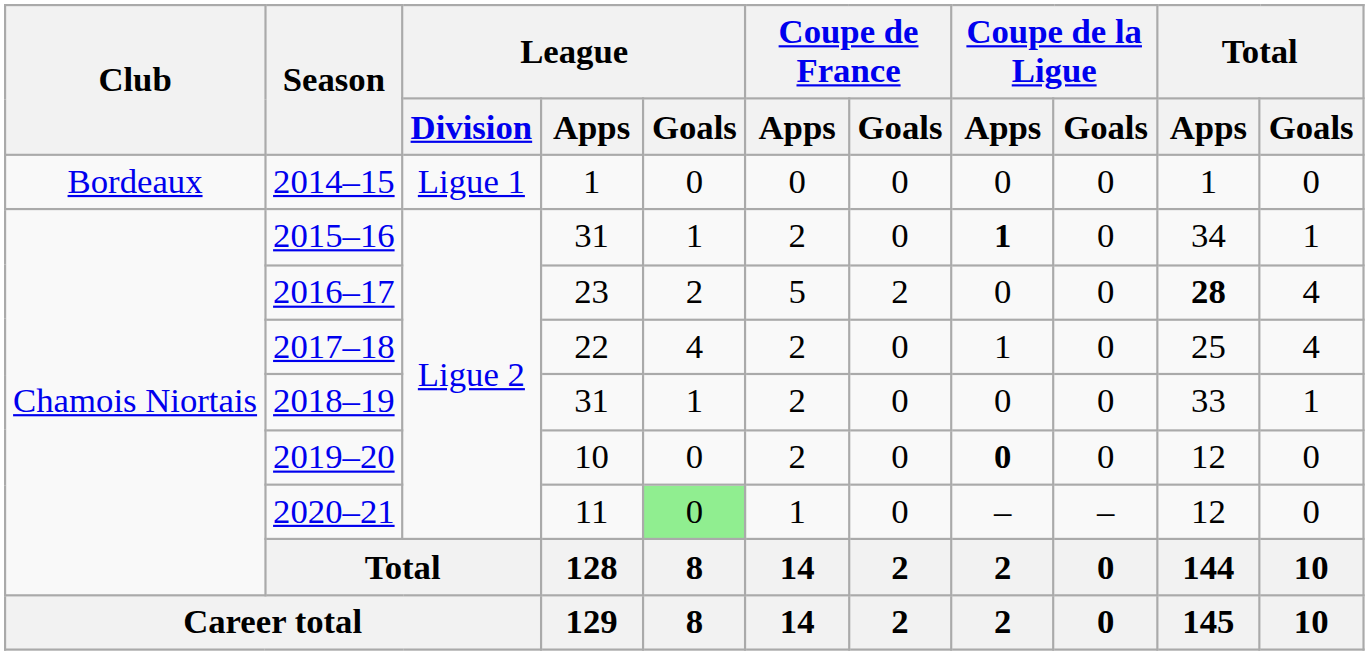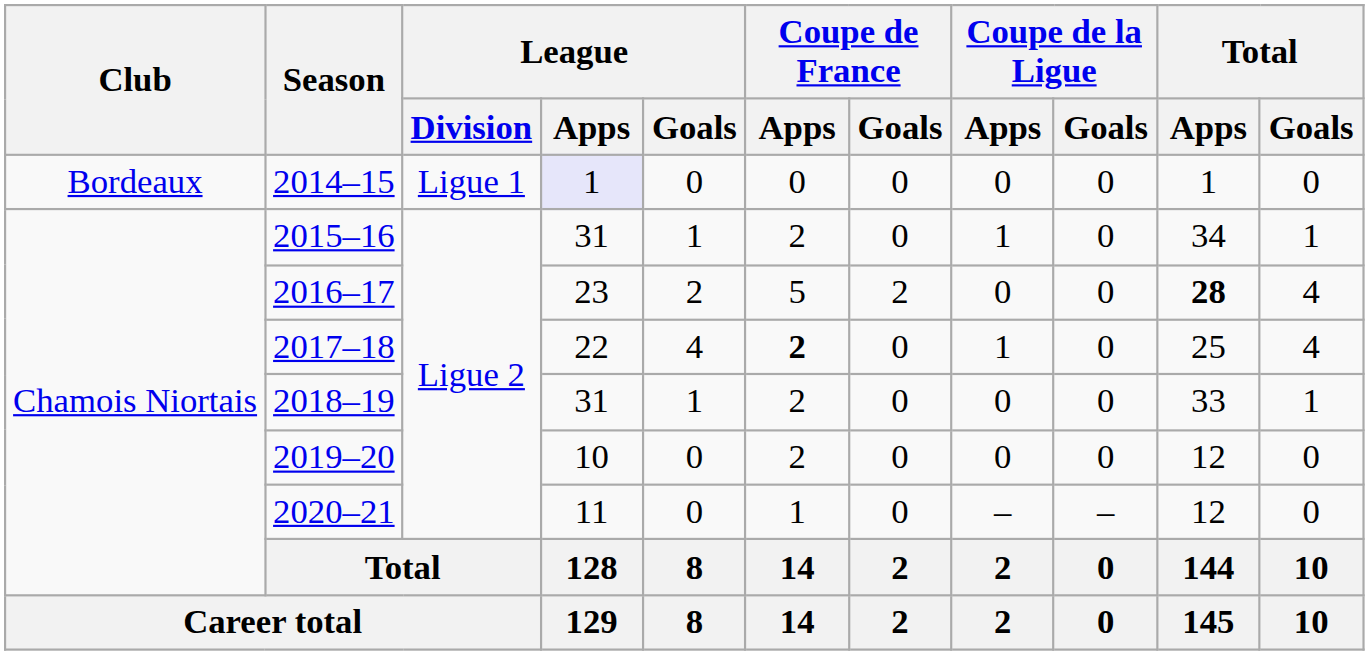 <table class="wikitable" style="text-align:center">
 <tr>
 <th rowspan="2">Club</th>
 <th rowspan="2">Season</th>
 <th colspan="3">League</th>
 <th colspan="2"><a href='#'>Coupe de France</a></th>
 <th colspan="2"><a href='#'>Coupe de la Ligue</a></th>
 <th colspan="2">Total</th>
 </tr>
 <tr>
 <th><a href='#'>Division</a></th>
 <th width="40">Apps</th>
 <th width="40">Goals</th>
 <th width="40">Apps</th>
 <th width="40">Goals</th>
 <th width="40">Apps</th>
 <th width="40">Goals</th>
 <th width="40">Apps</th>
 <th width="40">Goals</th>
 </tr>
 <tr>
 <td><a href='#'>Bordeaux</a></td>
 <td><a href='#'>2014–15</a></td>
 <td><a href='#'>Ligue 1</a></td>
-<td>1</td>
+<td style="background: lavender;">1</td>
 <td>0</td>
 <td>0</td>
 <td>0</td>
 <td>0</td>
 <td>0</td>
 <td>1</td>
 <td>0</td>
 </tr>
 <tr>
 <td rowspan="7"><a href='#'>Chamois Niortais</a></td>
 <td><a href='#'>2015–16</a></td>
 <td rowspan="6"><a href='#'>Ligue 2</a></td>
 <td>31</td>
 <td>1</td>
 <td>2</td>
 <td>0</td>
-<td><strong>1</strong></td>
+<td>1</td>
 <td>0</td>
 <td>34</td>
 <td>1</td>
 </tr>
 <tr>
 <td><a href='#'>2016–17</a></td>
 <td>23</td>
 <td>2</td>
 <td>5</td>
 <td>2</td>
 <td>0</td>
 <td>0</td>
 <td><strong>28</strong></td>
 <td>4</td>
 </tr>
 <tr>
 <td><a href='#'>2017–18</a></td>
 <td>22</td>
 <td>4</td>
-<td>2</td>
+<td><strong>2</strong></td>
 <td>0</td>
 <td>1</td>
 <td>0</td>
 <td>25</td>
 <td>4</td>
 </tr>
 <tr>
 <td><a href='#'>2018–19</a></td>
 <td>31</td>
 <td>1</td>
 <td>2</td>
 <td>0</td>
 <td>0</td>
 <td>0</td>
 <td>33</td>
 <td>1</td>
 </tr>
 <tr>
 <td><a href='#'>2019–20</a></td>
 <td>10</td>
 <td>0</td>
 <td>2</td>
 <td>0</td>
-<td><strong>0</strong></td>
+<td>0</td>
 <td>0</td>
 <td>12</td>
 <td>0</td>
 </tr>
 <tr>
 <td><a href='#'>2020–21</a></td>
 <td>11</td>
-<td style="background: lightgreen;">0</td>
+<td>0</td>
 <td>1</td>
 <td>0</td>
 <td>–</td>
 <td>–</td>
 <td>12</td>
 <td>0</td>
 </tr>
 <tr>
 <th colspan="2">Total</th>
 <th>128</th>
 <th>8</th>
 <th>14</th>
 <th>2</th>
 <th>2</th>
 <th>0</th>
 <th>144</th>
 <th>10</th>
 </tr>
 <tr>
 <th colspan="3">Career total</th>
 <th>129</th>
 <th>8</th>
 <th>14</th>
 <th>2</th>
 <th>2</th>
 <th>0</th>
 <th>145</th>
 <th>10</th>
 </tr>
 </table>
